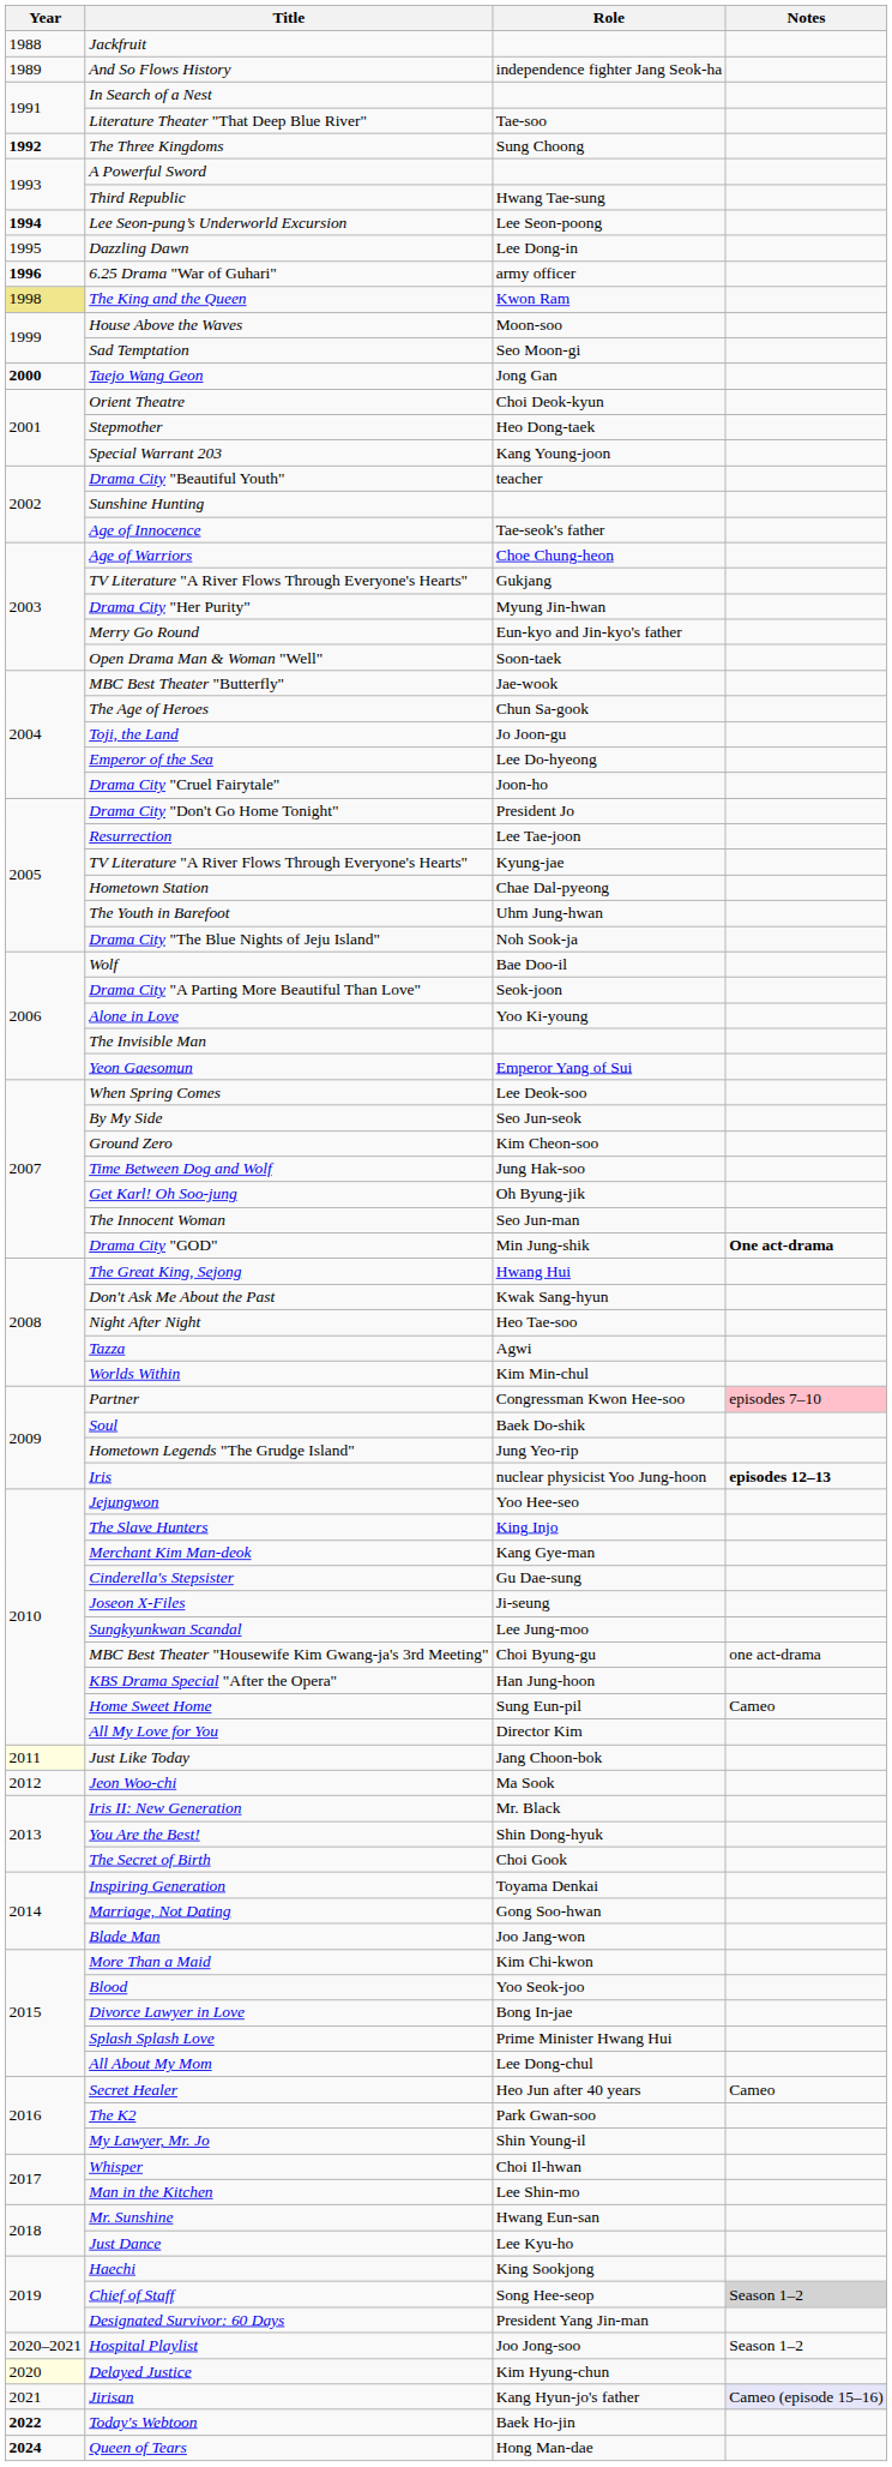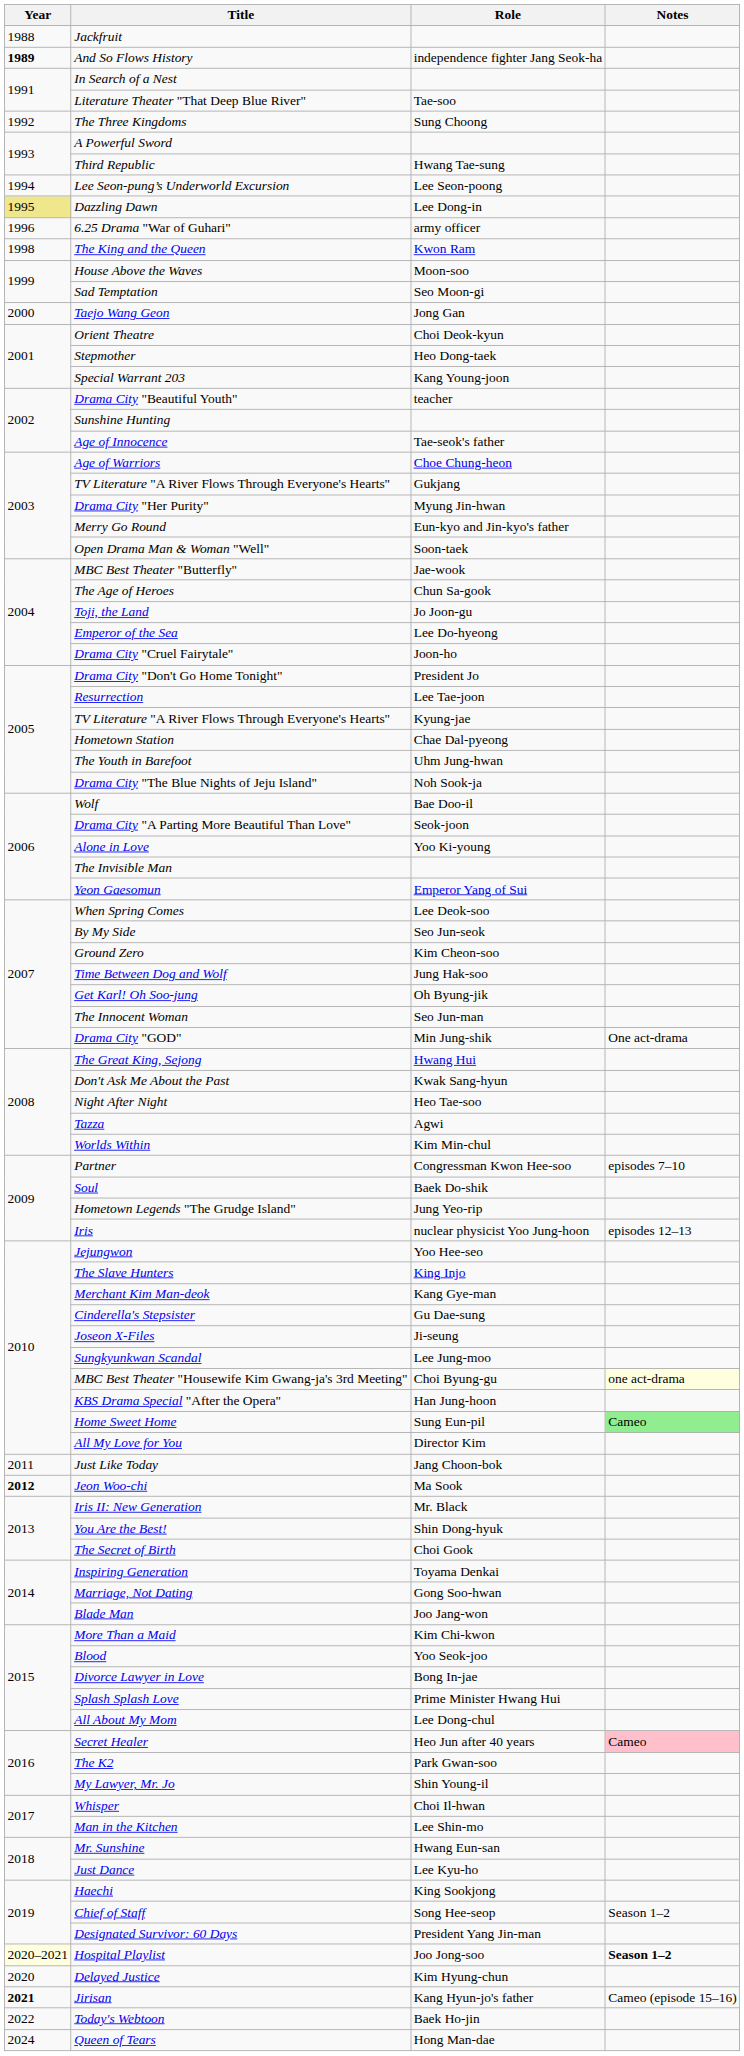 <table class="wikitable">
 <tr>
 <th>Year</th>
 <th>Title</th>
 <th>Role</th>
 <th>Notes</th>
 </tr>
 <tr>
 <td>1988</td>
 <td><em>Jackfruit</em> </td>
 <td></td>
 <td></td>
 </tr>
 <tr>
-<td>1989</td>
+<td><strong>1989</strong></td>
 <td><em>And So Flows History</em></td>
 <td>independence fighter Jang Seok-ha</td>
 <td></td>
 </tr>
 <tr>
 <td rowspan=2>1991</td>
 <td><em>In Search of a Nest</em></td>
 <td></td>
 <td></td>
 </tr>
 <tr>
 <td><em>Literature Theater</em> "That Deep Blue River" </td>
 <td>Tae-soo</td>
 <td></td>
 </tr>
 <tr>
-<td><strong>1992</strong></td>
+<td>1992</td>
 <td><em>The Three Kingdoms</em></td>
 <td>Sung Choong</td>
 <td></td>
 </tr>
 <tr>
 <td rowspan=2>1993</td>
 <td><em>A Powerful Sword</em></td>
 <td></td>
 <td></td>
 </tr>
 <tr>
 <td><em>Third Republic</em></td>
 <td>Hwang Tae-sung</td>
 <td></td>
 </tr>
 <tr>
-<td><strong>1994</strong></td>
+<td>1994</td>
 <td><em>Lee Seon-pung’s Underworld Excursion</em></td>
 <td>Lee Seon-poong</td>
 <td></td>
 </tr>
 <tr>
-<td>1995</td>
+<td style="background: khaki;">1995</td>
 <td><em>Dazzling Dawn</em></td>
 <td>Lee Dong-in</td>
 <td></td>
 </tr>
 <tr>
-<td><strong>1996</strong></td>
+<td>1996</td>
 <td><em>6.25 Drama</em> "War of Guhari" </td>
 <td>army officer</td>
 <td></td>
 </tr>
 <tr>
-<td style="background: khaki;">1998</td>
+<td>1998</td>
 <td><em><a href='#'>The King and the Queen</a></em></td>
 <td><a href='#'>Kwon Ram</a></td>
 <td></td>
 </tr>
 <tr>
 <td rowspan=2>1999</td>
 <td><em>House Above the Waves</em></td>
 <td>Moon-soo</td>
 <td></td>
 </tr>
 <tr>
 <td><em>Sad Temptation</em></td>
 <td>Seo Moon-gi</td>
 <td></td>
 </tr>
 <tr>
-<td><strong>2000</strong></td>
+<td>2000</td>
 <td><em><a href='#'>Taejo Wang Geon</a></em></td>
 <td>Jong Gan</td>
 <td></td>
 </tr>
 <tr>
 <td rowspan=3>2001</td>
 <td><em>Orient Theatre</em></td>
 <td>Choi Deok-kyun</td>
 <td></td>
 </tr>
 <tr>
 <td><em>Stepmother</em></td>
 <td>Heo Dong-taek</td>
 <td></td>
 </tr>
 <tr>
 <td><em>Special Warrant 203</em></td>
 <td>Kang Young-joon</td>
 <td></td>
 </tr>
 <tr>
 <td rowspan=3>2002</td>
 <td><em><a href='#'>Drama City</a></em> "Beautiful Youth" </td>
 <td>teacher</td>
 <td></td>
 </tr>
 <tr>
 <td><em>Sunshine Hunting</em></td>
 <td></td>
 <td></td>
 </tr>
 <tr>
 <td><em><a href='#'>Age of Innocence</a></em></td>
 <td>Tae-seok's father</td>
 <td></td>
 </tr>
 <tr>
 <td rowspan=5>2003</td>
 <td><em><a href='#'>Age of Warriors</a></em></td>
 <td><a href='#'>Choe Chung-heon</a></td>
 <td></td>
 </tr>
 <tr>
 <td><em>TV Literature</em> "A River Flows Through Everyone's Hearts"</td>
 <td>Gukjang</td>
 <td></td>
 </tr>
 <tr>
 <td><em><a href='#'>Drama City</a></em> "Her Purity" </td>
 <td>Myung Jin-hwan</td>
 <td></td>
 </tr>
 <tr>
 <td><em>Merry Go Round</em></td>
 <td>Eun-kyo and Jin-kyo's father</td>
 <td></td>
 </tr>
 <tr>
 <td><em>Open Drama Man & Woman</em> "Well" </td>
 <td>Soon-taek</td>
 <td></td>
 </tr>
 <tr>
 <td rowspan=5>2004</td>
 <td><em>MBC Best Theater</em> "Butterfly"</td>
 <td>Jae-wook</td>
 <td></td>
 </tr>
 <tr>
 <td><em>The Age of Heroes</em></td>
 <td>Chun Sa-gook</td>
 <td></td>
 </tr>
 <tr>
 <td><em><a href='#'>Toji, the Land</a></em></td>
 <td>Jo Joon-gu</td>
 <td></td>
 </tr>
 <tr>
 <td><em><a href='#'>Emperor of the Sea</a></em></td>
 <td>Lee Do-hyeong</td>
 <td></td>
 </tr>
 <tr>
 <td><em><a href='#'>Drama City</a></em> "Cruel Fairytale" </td>
 <td>Joon-ho</td>
 <td></td>
 </tr>
 <tr>
 <td rowspan=6>2005</td>
 <td><em><a href='#'>Drama City</a></em> "Don't Go Home Tonight" </td>
 <td>President Jo</td>
 <td></td>
 </tr>
 <tr>
 <td><em><a href='#'>Resurrection</a></em></td>
 <td>Lee Tae-joon</td>
 <td></td>
 </tr>
 <tr>
 <td><em>TV Literature</em> "A River Flows Through Everyone's Hearts"</td>
 <td>Kyung-jae</td>
 <td></td>
 </tr>
 <tr>
 <td><em>Hometown Station</em></td>
 <td>Chae Dal-pyeong</td>
 <td></td>
 </tr>
 <tr>
 <td><em>The Youth in Barefoot</em></td>
 <td>Uhm Jung-hwan</td>
 <td></td>
 </tr>
 <tr>
 <td><em><a href='#'>Drama City</a></em> "The Blue Nights of Jeju Island"</td>
 <td>Noh Sook-ja</td>
 <td></td>
 </tr>
 <tr>
 <td rowspan=5>2006</td>
 <td><em>Wolf</em></td>
 <td>Bae Doo-il</td>
 <td></td>
 </tr>
 <tr>
 <td><em><a href='#'>Drama City</a></em> "A Parting More Beautiful Than Love" </td>
 <td>Seok-joon</td>
 <td></td>
 </tr>
 <tr>
 <td><em><a href='#'>Alone in Love</a></em></td>
 <td>Yoo Ki-young</td>
 <td></td>
 </tr>
 <tr>
 <td><em>The Invisible Man</em></td>
 <td></td>
 <td></td>
 </tr>
 <tr>
 <td><em><a href='#'>Yeon Gaesomun</a></em></td>
 <td><a href='#'>Emperor Yang of Sui</a></td>
 <td></td>
 </tr>
 <tr>
 <td rowspan=7>2007</td>
 <td><em>When Spring Comes</em></td>
 <td>Lee Deok-soo</td>
 <td></td>
 </tr>
 <tr>
 <td><em>By My Side</em></td>
 <td>Seo Jun-seok</td>
 <td></td>
 </tr>
 <tr>
 <td><em>Ground Zero</em></td>
 <td>Kim Cheon-soo</td>
 <td></td>
 </tr>
 <tr>
 <td><em><a href='#'>Time Between Dog and Wolf</a></em></td>
 <td>Jung Hak-soo</td>
 <td></td>
 </tr>
 <tr>
 <td><em><a href='#'>Get Karl! Oh Soo-jung</a></em></td>
 <td>Oh Byung-jik</td>
 <td></td>
 </tr>
 <tr>
 <td><em>The Innocent Woman</em></td>
 <td>Seo Jun-man</td>
 <td></td>
 </tr>
 <tr>
 <td><em><a href='#'>Drama City</a></em> "GOD"</td>
 <td>Min Jung-shik</td>
-<td><strong>One act-drama</strong></td>
+<td>One act-drama</td>
 </tr>
 <tr>
 <td rowspan=5>2008</td>
 <td><em><a href='#'>The Great King, Sejong</a></em></td>
 <td><a href='#'>Hwang Hui</a></td>
 <td></td>
 </tr>
 <tr>
 <td><em>Don't Ask Me About the Past</em></td>
 <td>Kwak Sang-hyun</td>
 <td></td>
 </tr>
 <tr>
 <td><em>Night After Night</em></td>
 <td>Heo Tae-soo</td>
 <td></td>
 </tr>
 <tr>
 <td><em><a href='#'>Tazza</a></em></td>
 <td>Agwi</td>
 <td></td>
 </tr>
 <tr>
 <td><em><a href='#'>Worlds Within</a></em></td>
 <td>Kim Min-chul</td>
 <td></td>
 </tr>
 <tr>
 <td rowspan=4>2009</td>
 <td><em>Partner</em></td>
 <td>Congressman Kwon Hee-soo</td>
-<td style="background: pink;">episodes 7–10</td>
+<td>episodes 7–10</td>
 </tr>
 <tr>
 <td><em><a href='#'>Soul</a></em></td>
 <td>Baek Do-shik</td>
 <td></td>
 </tr>
 <tr>
 <td><em>Hometown Legends</em> "The Grudge Island"</td>
 <td>Jung Yeo-rip</td>
 <td></td>
 </tr>
 <tr>
 <td><em><a href='#'>Iris</a></em></td>
 <td>nuclear physicist Yoo Jung-hoon</td>
-<td><strong>episodes 12–13</strong></td>
+<td>episodes 12–13</td>
 </tr>
 <tr>
 <td rowspan=10>2010</td>
 <td><em><a href='#'>Jejungwon</a></em></td>
 <td>Yoo Hee-seo</td>
 <td></td>
 </tr>
 <tr>
 <td><em><a href='#'>The Slave Hunters</a></em></td>
 <td><a href='#'>King Injo</a></td>
 <td></td>
 </tr>
 <tr>
 <td><em><a href='#'>Merchant Kim Man-deok</a></em></td>
 <td>Kang Gye-man</td>
 <td></td>
 </tr>
 <tr>
 <td><em><a href='#'>Cinderella's Stepsister</a></em></td>
 <td>Gu Dae-sung</td>
 <td></td>
 </tr>
 <tr>
 <td><em><a href='#'>Joseon X-Files</a></em></td>
 <td>Ji-seung</td>
 <td></td>
 </tr>
 <tr>
 <td><em><a href='#'>Sungkyunkwan Scandal</a></em></td>
 <td>Lee Jung-moo</td>
 <td></td>
 </tr>
 <tr>
 <td><em>MBC Best Theater</em> "Housewife Kim Gwang-ja's 3rd Meeting"</td>
 <td>Choi Byung-gu</td>
-<td>one act-drama</td>
+<td style="background: lightyellow;">one act-drama</td>
 </tr>
 <tr>
 <td><em><a href='#'>KBS Drama Special</a></em> "After the Opera"</td>
 <td>Han Jung-hoon</td>
 <td></td>
 </tr>
 <tr>
 <td><em><a href='#'>Home Sweet Home</a></em></td>
 <td>Sung Eun-pil</td>
-<td>Cameo</td>
+<td style="background: lightgreen;">Cameo</td>
 </tr>
 <tr>
 <td><em><a href='#'>All My Love for You</a></em></td>
 <td>Director Kim</td>
 <td></td>
 </tr>
 <tr>
-<td style="background: lightyellow;">2011</td>
+<td>2011</td>
 <td><em>Just Like Today</em></td>
 <td>Jang Choon-bok</td>
 <td></td>
 </tr>
 <tr>
-<td>2012</td>
+<td><strong>2012</strong></td>
 <td><em><a href='#'>Jeon Woo-chi</a></em></td>
 <td>Ma Sook</td>
 <td></td>
 </tr>
 <tr>
 <td rowspan=3>2013</td>
 <td><em><a href='#'>Iris II: New Generation</a></em></td>
 <td>Mr. Black</td>
 <td></td>
 </tr>
 <tr>
 <td><em><a href='#'>You Are the Best!</a></em></td>
 <td>Shin Dong-hyuk</td>
 <td></td>
 </tr>
 <tr>
 <td><em><a href='#'>The Secret of Birth</a></em></td>
 <td>Choi Gook</td>
 <td></td>
 </tr>
 <tr>
 <td rowspan=3>2014</td>
 <td><em><a href='#'>Inspiring Generation</a></em></td>
 <td>Toyama Denkai</td>
 <td></td>
 </tr>
 <tr>
 <td><em><a href='#'>Marriage, Not Dating</a></em></td>
 <td>Gong Soo-hwan</td>
 <td></td>
 </tr>
 <tr>
 <td><em><a href='#'>Blade Man</a></em></td>
 <td>Joo Jang-won</td>
 <td></td>
 </tr>
 <tr>
 <td rowspan=5>2015</td>
 <td><em><a href='#'>More Than a Maid</a></em></td>
 <td>Kim Chi-kwon</td>
 <td></td>
 </tr>
 <tr>
 <td><em><a href='#'>Blood</a></em></td>
 <td>Yoo Seok-joo</td>
 <td></td>
 </tr>
 <tr>
 <td><em><a href='#'>Divorce Lawyer in Love</a></em></td>
 <td>Bong In-jae</td>
 <td></td>
 </tr>
 <tr>
 <td><em><a href='#'>Splash Splash Love</a></em></td>
 <td>Prime Minister Hwang Hui</td>
 <td></td>
 </tr>
 <tr>
 <td><em><a href='#'>All About My Mom</a></em></td>
 <td>Lee Dong-chul</td>
 <td></td>
 </tr>
 <tr>
 <td rowspan=3>2016</td>
 <td><em><a href='#'>Secret Healer</a></em></td>
 <td>Heo Jun after 40 years</td>
-<td>Cameo</td>
+<td style="background: pink;">Cameo</td>
 </tr>
 <tr>
 <td><em><a href='#'>The K2</a></em></td>
 <td>Park Gwan-soo</td>
 <td></td>
 </tr>
 <tr>
 <td><em><a href='#'>My Lawyer, Mr. Jo</a></em></td>
 <td>Shin Young-il</td>
 <td></td>
 </tr>
 <tr>
 <td rowspan=2>2017</td>
 <td><em><a href='#'>Whisper</a></em></td>
 <td>Choi Il-hwan</td>
 <td></td>
 </tr>
 <tr>
 <td><em><a href='#'>Man in the Kitchen</a></em></td>
 <td>Lee Shin-mo</td>
 <td></td>
 </tr>
 <tr>
 <td rowspan=2>2018</td>
 <td><em><a href='#'>Mr. Sunshine</a></em></td>
 <td>Hwang Eun-san</td>
 <td></td>
 </tr>
 <tr>
 <td><em><a href='#'>Just Dance</a></em></td>
 <td>Lee Kyu-ho</td>
 <td></td>
 </tr>
 <tr>
 <td rowspan=3>2019</td>
 <td><em><a href='#'>Haechi</a></em></td>
 <td>King Sookjong</td>
 <td></td>
 </tr>
 <tr>
 <td><em><a href='#'>Chief of Staff</a></em></td>
 <td>Song Hee-seop</td>
-<td style="background: lightgrey;">Season 1–2</td>
+<td>Season 1–2</td>
 </tr>
 <tr>
 <td><em><a href='#'>Designated Survivor: 60 Days</a></em></td>
 <td>President Yang Jin-man</td>
 <td></td>
 </tr>
 <tr>
-<td>2020–2021</td>
+<td style="background: lightyellow;">2020–2021</td>
 <td><em><a href='#'>Hospital Playlist</a></em></td>
 <td>Joo Jong-soo</td>
-<td>Season 1–2</td>
+<td><strong>Season 1–2</strong></td>
 </tr>
 <tr>
-<td rowspan=1 style="background: lightyellow;">2020</td>
+<td rowspan=1>2020</td>
 <td><em><a href='#'>Delayed Justice</a></em></td>
 <td>Kim Hyung-chun</td>
 <td></td>
 </tr>
 <tr>
-<td>2021</td>
+<td><strong>2021</strong></td>
 <td><em><a href='#'>Jirisan</a></em></td>
 <td>Kang Hyun-jo's father</td>
-<td style="background: lavender;">Cameo (episode 15–16)</td>
+<td>Cameo (episode 15–16)</td>
 </tr>
 <tr>
-<td><strong>2022</strong></td>
+<td>2022</td>
 <td><em><a href='#'>Today's Webtoon</a></em></td>
 <td>Baek Ho-jin</td>
 <td></td>
 </tr>
 <tr>
-<td><strong>2024</strong></td>
+<td>2024</td>
 <td><em><a href='#'>Queen of Tears</a></em></td>
 <td>Hong Man-dae</td>
 <td></td>
 </tr>
 </table>
